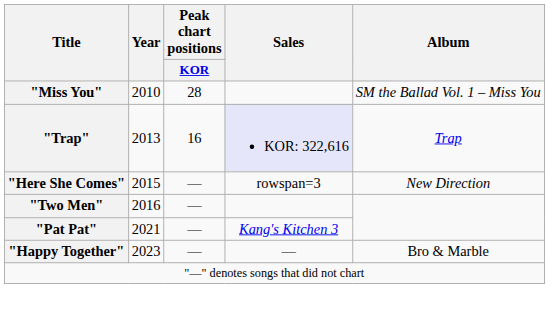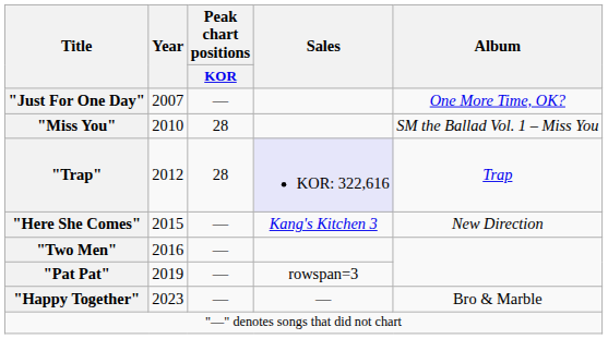 <table class="wikitable plainrowheaders" style="text-align:center;">
 <tr>
 <th scope=col rowspan=2>Title</th>
 <th scope=col rowspan=2>Year</th>
 <th scope=col colspan=1>Peak<br>chart<br>positions</th>
 <th scope=col rowspan=2>Sales</th>
 <th scope=col rowspan=2>Album</th>
 </tr>
 <tr>
 <th style="width:3em;font-size:90%;"><a href='#'>KOR</a></th>
 </tr>
 <tr>
+<th scope="row">"Just For One Day" <br></th>
+<td>2007</td>
+<td>—</td>
+<td></td>
+<td><em><a href='#'>One More Time, OK?</a></em></td>
+</tr>
+<tr>
 <th scope="row">"Miss You" <br></th>
 <td>2010</td>
 <td>28</td>
 <td></td>
 <td><em>SM the Ballad Vol. 1 – Miss You</em></td>
 </tr>
 <tr>
 <th scope="row">"Trap"<br></th>
-<td>2013</td>
-<td>16</td>
+<td>2012</td>
+<td>28</td>
 <td style="background: lavender;"><br><ul><li>KOR: 322,616</li></ul></td>
 <td><a href='#'><em>Trap</em></a></td>
 </tr>
 <tr>
 <th scope="row">"Here She Comes" <br></th>
 <td>2015</td>
 <td>—</td>
-<td>rowspan=3 </td>
+<td><em><a href='#'>Kang's Kitchen 3</a></em></td>
 <td><em>New Direction</em></td>
 </tr>
 <tr>
 <th scope="row">"Two Men" <br></th>
 <td>2016</td>
 <td>—</td>
 <td></td>
 </tr>
 <tr>
 <th scope="row">"Pat Pat" <br></th>
-<td>2021</td>
+<td>2019</td>
 <td>—</td>
-<td><em><a href='#'>Kang's Kitchen 3</a></em></td>
+<td>rowspan=3 </td>
 </tr>
 <tr>
 <th scope="row">"Happy Together"<br></th>
 <td>2023</td>
 <td>—</td>
 <td>—</td>
 <td>Bro & Marble</td>
 </tr>
 <tr>
 <td colspan="5" style="font-size:85%;">"—" denotes songs that did not chart</td>
 </tr>
 </table>
